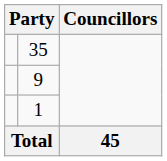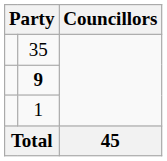 <table class="wikitable">
 <tr>
 <th colspan=2>Party</th>
 <th>Councillors</th>
 </tr>
 <tr>
 <td></td>
 <td align=center>35</td>
 </tr>
 <tr>
 <td></td>
-<td align=center>9</td>
+<td align=center><strong>9</strong></td>
 </tr>
 <tr>
 <td></td>
 <td align=center>1</td>
 </tr>
 <tr>
 <th colspan=2>Total</th>
 <th align=center>45</th>
 </tr>
 </table>
